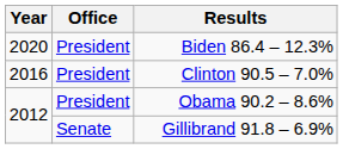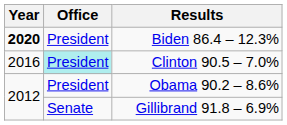 <table class=wikitable>
 <tr>
 <th width="30">Year</th>
 <th width="60">Office</th>
 <th width="180">Results</th>
 </tr>
 <tr>
-<td>2020</td>
+<td><strong>2020</strong></td>
 <td><a href='#'>President</a></td>
 <td align="right" ><a href='#'>Biden</a> 86.4 – 12.3%</td>
 </tr>
 <tr>
 <td>2016</td>
-<td><a href='#'>President</a></td>
+<td style="background: paleturquoise;"><a href='#'>President</a></td>
 <td align="right" ><a href='#'>Clinton</a> 90.5 – 7.0%</td>
 </tr>
 <tr>
 <td rowspan="2">2012</td>
 <td><a href='#'>President</a></td>
 <td align="right" ><a href='#'>Obama</a> 90.2 – 8.6%</td>
 </tr>
 <tr>
 <td><a href='#'>Senate</a></td>
 <td align="right" ><a href='#'>Gillibrand</a> 91.8 – 6.9%</td>
 </tr>
 </table>
